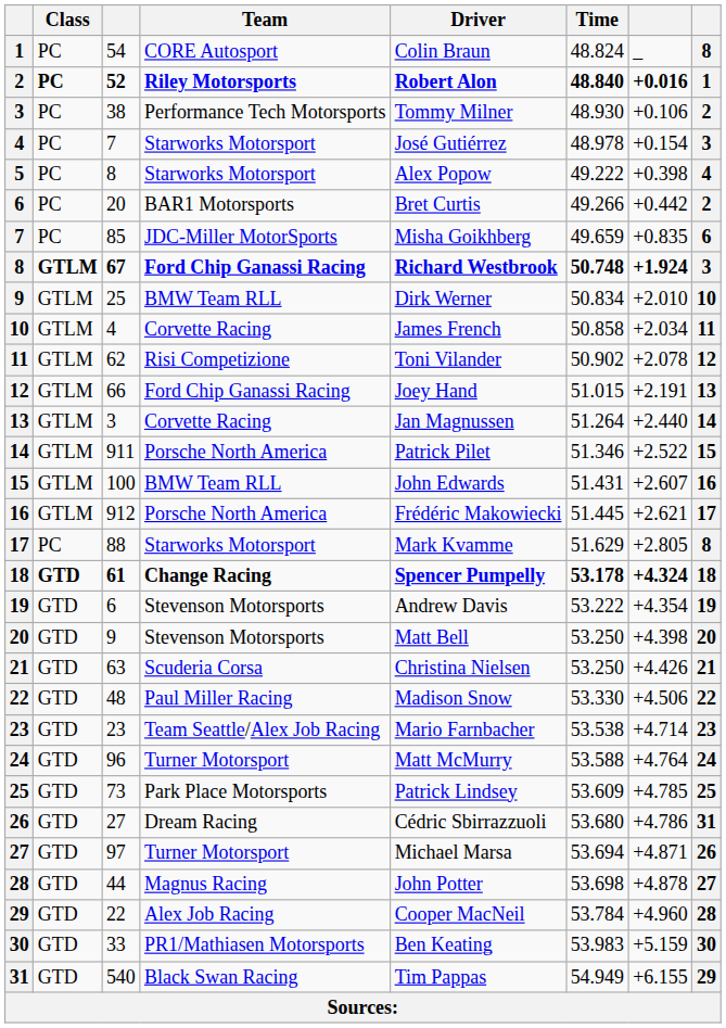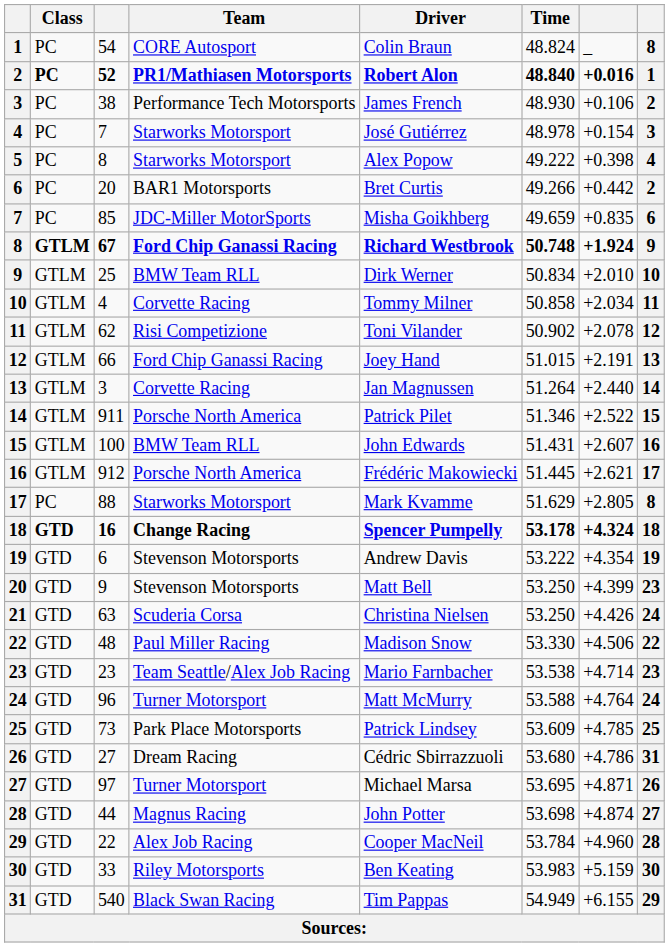 <table class="wikitable">
 <tr>
 <th></th>
 <th>Class</th>
 <th></th>
 <th>Team</th>
 <th>Driver</th>
 <th>Time</th>
 <th></th>
 <th></th>
 </tr>
 <tr>
 <th>1</th>
 <td>PC</td>
 <td>54</td>
 <td> <a href='#'>CORE Autosport</a></td>
 <td> <a href='#'>Colin Braun</a></td>
 <td>48.824</td>
 <td>_</td>
 <th>8</th>
 </tr>
 <tr style="font-weight:bold">
 <th>2</th>
 <td>PC</td>
 <td>52</td>
-<td> <a href='#'>Riley Motorsports</a></td>
+<td> <a href='#'>PR1/Mathiasen Motorsports</a></td>
 <td> <a href='#'>Robert Alon</a></td>
 <td>48.840</td>
 <td>+0.016</td>
 <th>1</th>
 </tr>
 <tr>
 <th>3</th>
 <td>PC</td>
 <td>38</td>
 <td> Performance Tech Motorsports</td>
-<td> <a href='#'>Tommy Milner</a></td>
+<td> <a href='#'>James French</a></td>
 <td>48.930</td>
 <td>+0.106</td>
 <th>2</th>
 </tr>
 <tr>
 <th>4</th>
 <td>PC</td>
 <td>7</td>
 <td> <a href='#'>Starworks Motorsport</a></td>
 <td> <a href='#'>José Gutiérrez</a></td>
 <td>48.978</td>
 <td>+0.154</td>
 <th>3</th>
 </tr>
 <tr>
 <th>5</th>
 <td>PC</td>
 <td>8</td>
 <td> <a href='#'>Starworks Motorsport</a></td>
 <td> <a href='#'>Alex Popow</a></td>
 <td>49.222</td>
 <td>+0.398</td>
 <th>4</th>
 </tr>
 <tr>
 <th>6</th>
 <td>PC</td>
 <td>20</td>
 <td> BAR1 Motorsports</td>
 <td> <a href='#'>Bret Curtis</a></td>
 <td>49.266</td>
 <td>+0.442</td>
 <th>2</th>
 </tr>
 <tr>
 <th>7</th>
 <td>PC</td>
 <td>85</td>
 <td> <a href='#'>JDC-Miller MotorSports</a></td>
 <td> <a href='#'>Misha Goikhberg</a></td>
 <td>49.659</td>
 <td>+0.835</td>
 <th>6</th>
 </tr>
 <tr style="font-weight:bold">
 <th>8</th>
 <td>GTLM</td>
 <td>67</td>
 <td> <a href='#'>Ford Chip Ganassi Racing</a></td>
 <td> <a href='#'>Richard Westbrook</a></td>
 <td>50.748</td>
 <td>+1.924</td>
-<th>3</th>
+<th>9</th>
 </tr>
 <tr>
 <th>9</th>
 <td>GTLM</td>
 <td>25</td>
 <td> <a href='#'>BMW Team RLL</a></td>
 <td> <a href='#'>Dirk Werner</a></td>
 <td>50.834</td>
 <td>+2.010</td>
 <th>10</th>
 </tr>
 <tr>
 <th>10</th>
 <td>GTLM</td>
 <td>4</td>
 <td> <a href='#'>Corvette Racing</a></td>
-<td> <a href='#'>James French</a></td>
+<td> <a href='#'>Tommy Milner</a></td>
 <td>50.858</td>
 <td>+2.034</td>
 <th>11</th>
 </tr>
 <tr>
 <th>11</th>
 <td>GTLM</td>
 <td>62</td>
 <td> <a href='#'>Risi Competizione</a></td>
 <td> <a href='#'>Toni Vilander</a></td>
 <td>50.902</td>
 <td>+2.078</td>
 <th>12</th>
 </tr>
 <tr>
 <th>12</th>
 <td>GTLM</td>
 <td>66</td>
 <td> <a href='#'>Ford Chip Ganassi Racing</a></td>
 <td> <a href='#'>Joey Hand</a></td>
 <td>51.015</td>
 <td>+2.191</td>
 <th>13</th>
 </tr>
 <tr>
 <th>13</th>
 <td>GTLM</td>
 <td>3</td>
 <td> <a href='#'>Corvette Racing</a></td>
 <td> <a href='#'>Jan Magnussen</a></td>
 <td>51.264</td>
 <td>+2.440</td>
 <th>14</th>
 </tr>
 <tr>
 <th>14</th>
 <td>GTLM</td>
 <td>911</td>
 <td> <a href='#'>Porsche North America</a></td>
 <td> <a href='#'>Patrick Pilet</a></td>
 <td>51.346</td>
 <td>+2.522</td>
 <th>15</th>
 </tr>
 <tr>
 <th>15</th>
 <td>GTLM</td>
 <td>100</td>
 <td> <a href='#'>BMW Team RLL</a></td>
 <td> <a href='#'>John Edwards</a></td>
 <td>51.431</td>
 <td>+2.607</td>
 <th>16</th>
 </tr>
 <tr>
 <th>16</th>
 <td>GTLM</td>
 <td>912</td>
 <td> <a href='#'>Porsche North America</a></td>
 <td> <a href='#'>Frédéric Makowiecki</a></td>
 <td>51.445</td>
 <td>+2.621</td>
 <th>17</th>
 </tr>
 <tr>
 <th>17</th>
 <td>PC</td>
 <td>88</td>
 <td> <a href='#'>Starworks Motorsport</a></td>
 <td> <a href='#'>Mark Kvamme</a></td>
 <td>51.629</td>
 <td>+2.805</td>
 <th>8</th>
 </tr>
 <tr style="font-weight:bold">
 <th>18</th>
 <td>GTD</td>
-<td>61</td>
+<td>16</td>
 <td> Change Racing</td>
 <td> <a href='#'>Spencer Pumpelly</a></td>
 <td>53.178</td>
 <td>+4.324</td>
 <th>18</th>
 </tr>
 <tr>
 <th>19</th>
 <td>GTD</td>
 <td>6</td>
 <td> Stevenson Motorsports</td>
 <td> Andrew Davis</td>
 <td>53.222</td>
 <td>+4.354</td>
 <th>19</th>
 </tr>
 <tr>
 <th>20</th>
 <td>GTD</td>
 <td>9</td>
 <td> Stevenson Motorsports</td>
 <td> <a href='#'>Matt Bell</a></td>
 <td>53.250</td>
-<td>+4.398</td>
-<th>20</th>
+<td>+4.399</td>
+<th>23</th>
 </tr>
 <tr>
 <th>21</th>
 <td>GTD</td>
 <td>63</td>
 <td> <a href='#'>Scuderia Corsa</a></td>
 <td> <a href='#'>Christina Nielsen</a></td>
 <td>53.250</td>
 <td>+4.426</td>
-<th>21</th>
+<th>24</th>
 </tr>
 <tr>
 <th>22</th>
 <td>GTD</td>
 <td>48</td>
 <td> <a href='#'>Paul Miller Racing</a></td>
 <td> <a href='#'>Madison Snow</a></td>
 <td>53.330</td>
 <td>+4.506</td>
 <th>22</th>
 </tr>
 <tr>
 <th>23</th>
 <td>GTD</td>
 <td>23</td>
 <td> <a href='#'>Team Seattle</a>/<a href='#'>Alex Job Racing</a></td>
 <td> <a href='#'>Mario Farnbacher</a></td>
 <td>53.538</td>
 <td>+4.714</td>
 <th>23</th>
 </tr>
 <tr>
 <th>24</th>
 <td>GTD</td>
 <td>96</td>
 <td> <a href='#'>Turner Motorsport</a></td>
 <td> <a href='#'>Matt McMurry</a></td>
 <td>53.588</td>
 <td>+4.764</td>
 <th>24</th>
 </tr>
 <tr>
 <th>25</th>
 <td>GTD</td>
 <td>73</td>
 <td> Park Place Motorsports</td>
 <td> <a href='#'>Patrick Lindsey</a></td>
 <td>53.609</td>
 <td>+4.785</td>
 <th>25</th>
 </tr>
 <tr>
 <th>26</th>
 <td>GTD</td>
 <td>27</td>
 <td> Dream Racing</td>
 <td> Cédric Sbirrazzuoli</td>
 <td>53.680</td>
 <td>+4.786</td>
 <th>31</th>
 </tr>
 <tr>
 <th>27</th>
 <td>GTD</td>
 <td>97</td>
 <td> <a href='#'>Turner Motorsport</a></td>
 <td> Michael Marsa</td>
-<td>53.694</td>
+<td>53.695</td>
 <td>+4.871</td>
 <th>26</th>
 </tr>
 <tr>
 <th>28</th>
 <td>GTD</td>
 <td>44</td>
 <td> <a href='#'>Magnus Racing</a></td>
 <td> <a href='#'>John Potter</a></td>
 <td>53.698</td>
-<td>+4.878</td>
+<td>+4.874</td>
 <th>27</th>
 </tr>
 <tr>
 <th>29</th>
 <td>GTD</td>
 <td>22</td>
 <td> <a href='#'>Alex Job Racing</a></td>
 <td> <a href='#'>Cooper MacNeil</a></td>
 <td>53.784</td>
 <td>+4.960</td>
 <th>28</th>
 </tr>
 <tr>
 <th>30</th>
 <td>GTD</td>
 <td>33</td>
-<td> <a href='#'>PR1/Mathiasen Motorsports</a></td>
+<td> <a href='#'>Riley Motorsports</a></td>
 <td> <a href='#'>Ben Keating</a></td>
 <td>53.983</td>
 <td>+5.159</td>
 <th>30</th>
 </tr>
 <tr>
 <th>31</th>
 <td>GTD</td>
 <td>540</td>
 <td> <a href='#'>Black Swan Racing</a></td>
 <td> <a href='#'>Tim Pappas</a></td>
 <td>54.949</td>
 <td>+6.155</td>
 <th>29</th>
 </tr>
 <tr>
 <th colspan="8">Sources:</th>
 </tr>
 </table>
